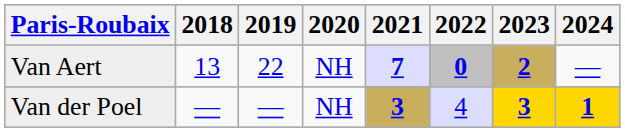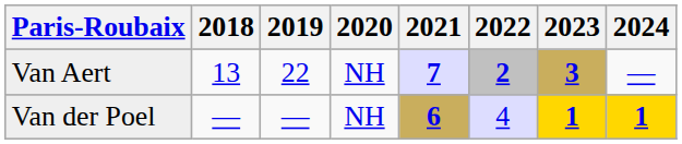 <table class="wikitable">
 <tr>
 <th><a href='#'>Paris-Roubaix</a></th>
 <th scope="col">2018</th>
 <th scope="col">2019</th>
 <th scope="col">2020</th>
 <th scope="col">2021</th>
 <th scope="col">2022</th>
 <th scope="col">2023</th>
 <th>2024</th>
 </tr>
 <tr style="text-align:center;">
 <td style="text-align:left; background:#efefef;">Van Aert</td>
 <td><a href='#'>13</a></td>
 <td><a href='#'>22</a></td>
 <td style="color:#4d4d4d;"><a href='#'>NH</a></td>
 <td style="background:#ddf;"><strong><a href='#'>7</a></strong></td>
-<td style="background:silver;"><a href='#'><strong>0</strong></a></td>
-<td style="background:#C9AE5D;"><a href='#'><strong>2</strong></a></td>
+<td style="background:silver;"><a href='#'><strong>2</strong></a></td>
+<td style="background:#C9AE5D;"><a href='#'><strong>3</strong></a></td>
 <td><a href='#'>—</a></td>
 </tr>
 <tr style="text-align:center;">
 <td style="text-align:left; background:#efefef;">Van der Poel</td>
 <td><a href='#'>—</a></td>
 <td><a href='#'>—</a></td>
 <td style="color:#4d4d4d;"><a href='#'>NH</a></td>
-<td style="background:#C9AE5D;"><a href='#'><strong>3</strong></a></td>
+<td style="background:#C9AE5D;"><a href='#'><strong>6</strong></a></td>
 <td style="background:#ddf;"><a href='#'>4</a></td>
-<td style="background:gold;"><a href='#'><strong>3</strong></a></td>
+<td style="background:gold;"><a href='#'><strong>1</strong></a></td>
 <td style="background:gold;"><a href='#'><strong>1</strong></a></td>
 </tr>
 </table>
